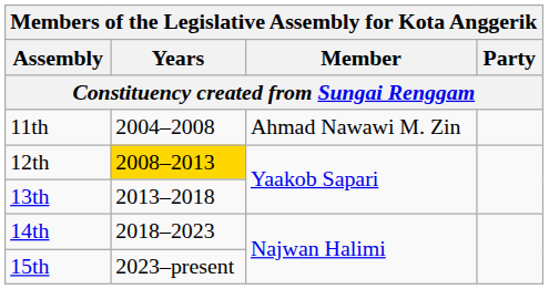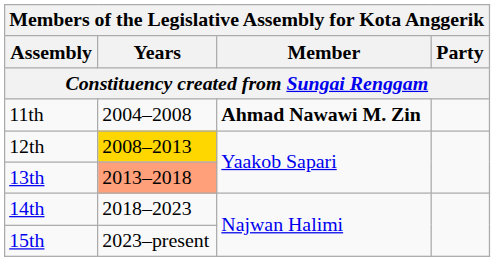 <table class=wikitable>
 <tr>
 <th colspan=4>Members of the Legislative Assembly for Kota Anggerik</th>
 </tr>
 <tr>
 <th>Assembly</th>
 <th>Years</th>
 <th>Member</th>
 <th>Party</th>
 </tr>
 <tr>
 <th colspan=4 align=center><em>Constituency created from <a href='#'>Sungai Renggam</a></em></th>
 </tr>
 <tr>
 <td>11th</td>
 <td>2004–2008</td>
-<td>Ahmad Nawawi M. Zin</td>
+<td><strong>Ahmad Nawawi M. Zin</strong></td>
 <td></td>
 </tr>
 <tr>
 <td>12th</td>
 <td style="background: gold;">2008–2013</td>
 <td rowspan=2><a href='#'>Yaakob Sapari</a></td>
 <td rowspan=2></td>
 </tr>
 <tr>
 <td><a href='#'>13th</a></td>
-<td>2013–2018</td>
+<td style="background: lightsalmon;">2013–2018</td>
 </tr>
 <tr>
 <td><a href='#'>14th</a></td>
 <td>2018–2023</td>
 <td rowspan="2"><a href='#'>Najwan Halimi</a></td>
 <td rowspan="2"></td>
 </tr>
 <tr>
 <td><a href='#'>15th</a></td>
 <td>2023–present</td>
 </tr>
 </table>
